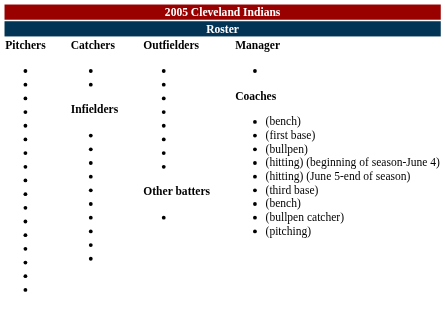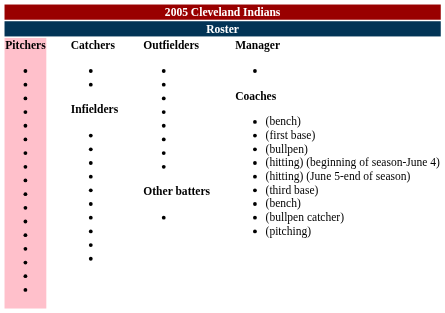 <table class="toccolours" style="font-size: 95%;">
 <tr>
 <th colspan="10" style="background-color: #990000; color: white; text-align: center;">2005 Cleveland Indians</th>
 </tr>
 <tr>
 <td colspan="10" style="background-color: #023456; color: #FFFFFF; text-align: center;"><strong>Roster</strong></td>
 </tr>
 <tr>
-<td valign="top"><strong>Pitchers</strong><br><ul><li></li><li></li><li></li><li></li><li></li><li></li><li></li><li></li><li></li><li></li><li></li><li></li><li></li><li></li><li></li><li></li><li></li></ul></td>
+<td valign="top" style="background: pink;"><strong>Pitchers</strong><br><ul><li></li><li></li><li></li><li></li><li></li><li></li><li></li><li></li><li></li><li></li><li></li><li></li><li></li><li></li><li></li><li></li><li></li></ul></td>
 <td width="25px"></td>
 <td valign="top"><strong>Catchers</strong><br><ul><li></li><li></li></ul><strong>Infielders</strong><ul><li></li><li></li><li></li><li></li><li></li><li></li><li></li><li></li><li></li><li></li></ul></td>
 <td width="25px"></td>
 <td valign="top"><strong>Outfielders</strong><br><ul><li></li><li></li><li></li><li></li><li></li><li></li><li></li><li></li></ul><strong>Other batters</strong><ul><li></li></ul></td>
 <td width="25px"></td>
 <td valign="top"><strong>Manager</strong><br><ul><li></li></ul><strong>Coaches</strong><ul><li> (bench)</li><li> (first base)</li><li> (bullpen)</li><li> (hitting) (beginning of season-June 4)</li><li> (hitting) (June 5-end of season)</li><li> (third base)</li><li> (bench)</li><li> (bullpen catcher)</li><li> (pitching)</li></ul></td>
 </tr>
 </table>
